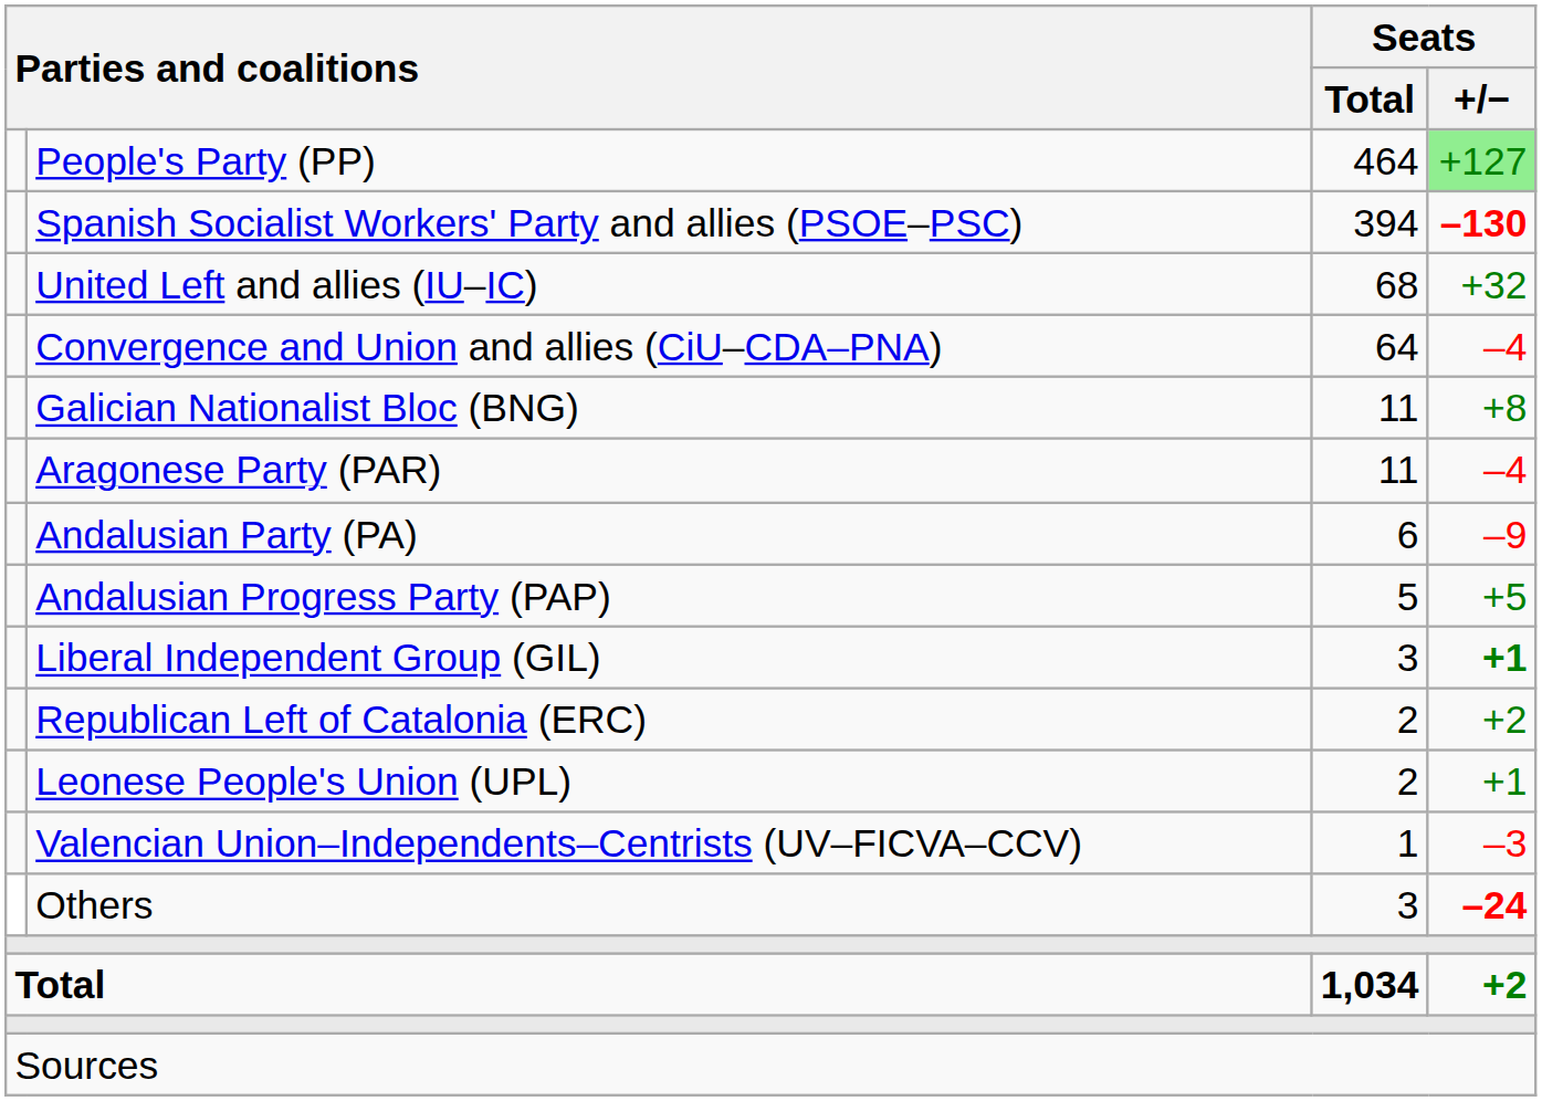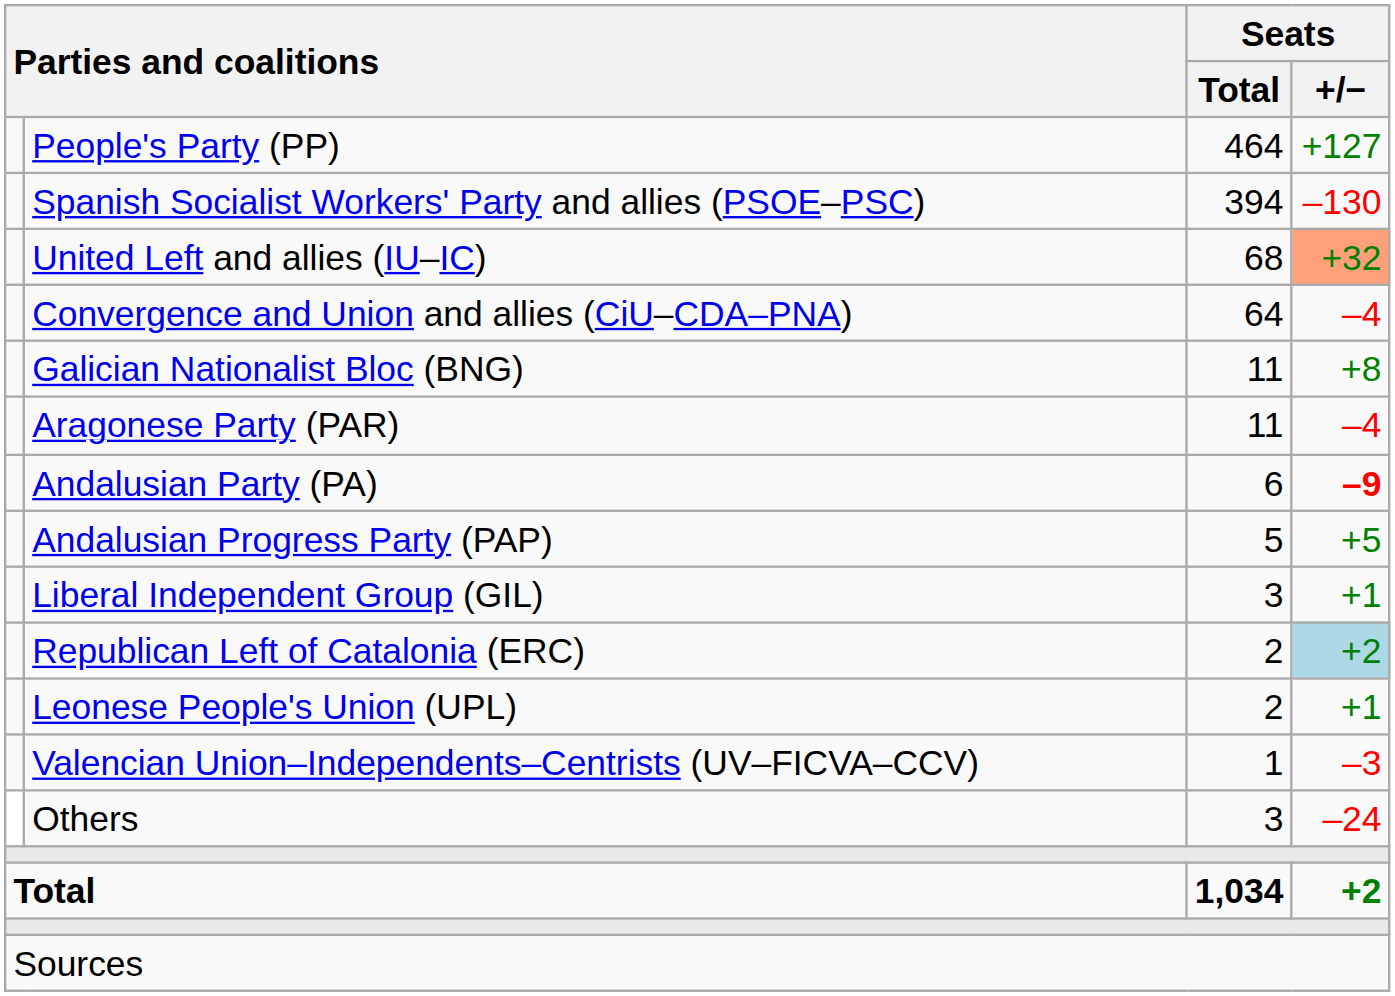 <table class="wikitable" style="text-align:right; font-size:95%;">
 <tr>
 <th style="text-align:left;" rowspan="2" colspan="2" width="500">Parties and coalitions</th>
 <th colspan="2">Seats</th>
 </tr>
 <tr>
 <th width="35">Total</th>
 <th width="35">+/−</th>
 </tr>
 <tr>
 <td width="1" style="color:inherit;background:"></td>
 <td align="left"><a href='#'>People's Party</a> (PP)</td>
 <td>464</td>
-<td style="background: lightgreen; color:green;">+127</td>
+<td style="color:green;">+127</td>
 </tr>
 <tr>
 <td style="color:inherit;background:"></td>
 <td align="left"><a href='#'>Spanish Socialist Workers' Party</a> and allies (<a href='#'>PSOE</a>–<a href='#'>PSC</a>)</td>
 <td>394</td>
-<td style="color:red;"><strong>–130</strong></td>
+<td style="color:red;">–130</td>
 </tr>
 <tr>
 <td style="color:inherit;background:"></td>
 <td align="left"><a href='#'>United Left</a> and allies (<a href='#'>IU</a>–<a href='#'>IC</a>)</td>
 <td>68</td>
-<td style="color:green;">+32</td>
+<td style="background: lightsalmon; color:green;">+32</td>
 </tr>
 <tr>
 <td style="color:inherit;background:"></td>
 <td align="left"><a href='#'>Convergence and Union</a> and allies (<a href='#'>CiU</a>–<a href='#'>CDA–PNA</a>)</td>
 <td>64</td>
 <td style="color:red;">–4</td>
 </tr>
 <tr>
 <td style="color:inherit;background:"></td>
 <td align="left"><a href='#'>Galician Nationalist Bloc</a> (BNG)</td>
 <td>11</td>
 <td style="color:green;">+8</td>
 </tr>
 <tr>
 <td style="color:inherit;background:"></td>
 <td align="left"><a href='#'>Aragonese Party</a> (PAR)</td>
 <td>11</td>
 <td style="color:red;">–4</td>
 </tr>
 <tr>
 <td style="color:inherit;background:"></td>
 <td align="left"><a href='#'>Andalusian Party</a> (PA)</td>
 <td>6</td>
-<td style="color:red;">–9</td>
+<td style="color:red;"><strong>–9</strong></td>
 </tr>
 <tr>
 <td style="color:inherit;background:"></td>
 <td align="left"><a href='#'>Andalusian Progress Party</a> (PAP)</td>
 <td>5</td>
 <td style="color:green;">+5</td>
 </tr>
 <tr>
 <td style="color:inherit;background:"></td>
 <td align="left"><a href='#'>Liberal Independent Group</a> (GIL)</td>
 <td>3</td>
-<td style="color:green;"><strong>+1</strong></td>
+<td style="color:green;">+1</td>
 </tr>
 <tr>
 <td style="color:inherit;background:"></td>
 <td align="left"><a href='#'>Republican Left of Catalonia</a> (ERC)</td>
 <td>2</td>
-<td style="color:green;">+2</td>
+<td style="background: lightblue; color:green;">+2</td>
 </tr>
 <tr>
 <td style="color:inherit;background:"></td>
 <td align="left"><a href='#'>Leonese People's Union</a> (UPL)</td>
 <td>2</td>
 <td style="color:green;">+1</td>
 </tr>
 <tr>
 <td style="color:inherit;background:"></td>
 <td align="left"><a href='#'>Valencian Union–Independents–Centrists</a> (UV–FICVA–CCV)</td>
 <td>1</td>
 <td style="color:red;">–3</td>
 </tr>
 <tr>
 <td bgcolor="white"></td>
 <td align="left">Others</td>
 <td>3</td>
-<td style="color:red;"><strong>–24</strong></td>
+<td style="color:red;">–24</td>
 </tr>
 <tr>
 <td colspan="4" bgcolor="#E9E9E9"></td>
 </tr>
 <tr style="font-weight:bold;">
 <td align="left" colspan="2">Total</td>
 <td>1,034</td>
 <td style="color:green;">+2</td>
 </tr>
 <tr>
 <td colspan="4" bgcolor="#E9E9E9"></td>
 </tr>
 <tr>
 <td align="left" colspan="4">Sources</td>
 </tr>
 </table>
